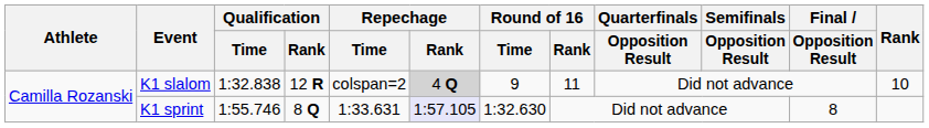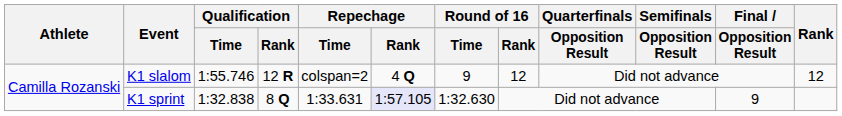 <table class="wikitable" style="font-size:90%;">
 <tr>
 <th rowspan=2>Athlete</th>
 <th rowspan=2>Event</th>
 <th colspan=2>Qualification</th>
 <th colspan=2>Repechage</th>
 <th colspan=2>Round of 16</th>
 <th>Quarterfinals</th>
 <th>Semifinals</th>
 <th>Final / </th>
 <th rowspan=2>Rank</th>
 </tr>
 <tr style="font-size:95%">
 <th>Time</th>
 <th>Rank</th>
 <th>Time</th>
 <th>Rank</th>
 <th>Time</th>
 <th>Rank</th>
 <th>Opposition <br>Result</th>
 <th>Opposition <br>Result</th>
 <th>Opposition <br>Result</th>
 </tr>
 <tr align=center>
 <td rowspan=2 align=left><a href='#'>Camilla Rozanski</a></td>
 <td align=left><a href='#'>K1 slalom</a></td>
-<td>1:32.838</td>
+<td>1:55.746</td>
 <td>12 <strong>R</strong></td>
 <td>colspan=2 </td>
-<td style="background: lightgrey;">4 <strong>Q</strong></td>
+<td>4 <strong>Q</strong></td>
 <td>9</td>
-<td>11</td>
+<td>12</td>
 <td colspan=3>Did not advance</td>
-<td>10</td>
+<td>12</td>
 </tr>
 <tr align=center>
 <td align=left><a href='#'>K1 sprint</a></td>
-<td>1:55.746</td>
+<td>1:32.838</td>
 <td>8 <strong>Q</strong></td>
 <td>1:33.631</td>
 <td style="background: lavender;">1:57.105</td>
 <td>1:32.630</td>
 <td colspan=3>Did not advance</td>
-<td>8</td>
+<td>9</td>
 </tr>
 </table>
